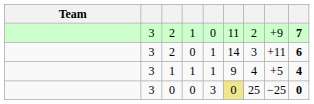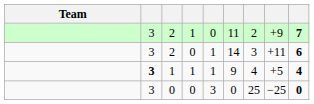 <table class="wikitable" style="text-align:center;">
 <tr>
 <th width="175">Team</th>
 <th width="20"></th>
 <th width="20"></th>
 <th width="20"></th>
 <th width="20"></th>
 <th width="20"></th>
 <th width="20"></th>
 <th width="20"></th>
 <th width="20"></th>
 </tr>
 <tr bgcolor=ccffcc>
 <td align="left"></td>
 <td>3</td>
 <td>2</td>
 <td>1</td>
 <td>0</td>
 <td>11</td>
 <td>2</td>
 <td>+9</td>
 <td><strong>7</strong></td>
 </tr>
 <tr>
 <td align="left"></td>
 <td>3</td>
 <td>2</td>
 <td>0</td>
 <td>1</td>
 <td>14</td>
 <td>3</td>
 <td>+11</td>
 <td><strong>6</strong></td>
 </tr>
 <tr>
 <td align="left"></td>
-<td>3</td>
+<td><strong>3</strong></td>
 <td>1</td>
 <td>1</td>
 <td>1</td>
 <td>9</td>
 <td>4</td>
 <td>+5</td>
 <td><strong>4</strong></td>
 </tr>
 <tr>
 <td align="left"></td>
 <td>3</td>
 <td>0</td>
 <td>0</td>
 <td>3</td>
-<td style="background: khaki;">0</td>
+<td>0</td>
 <td>25</td>
 <td>−25</td>
 <td><strong>0</strong></td>
 </tr>
 </table>
